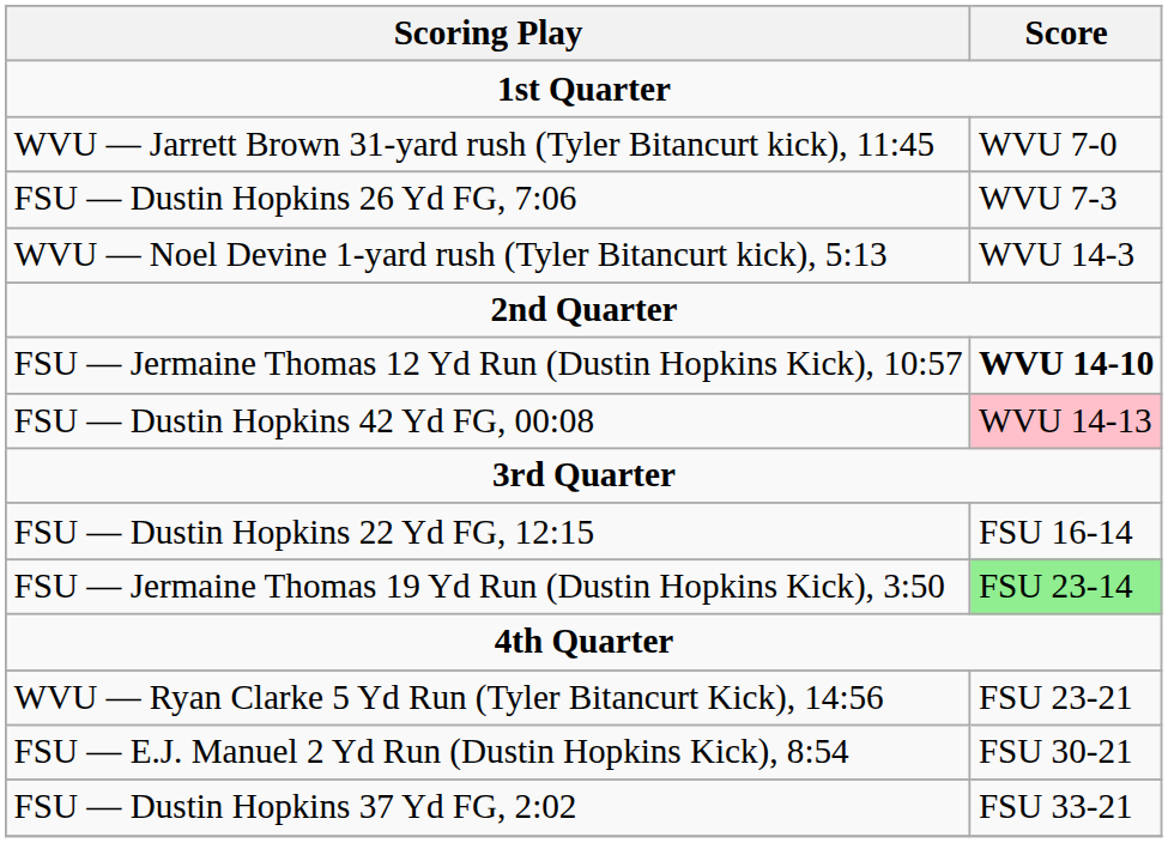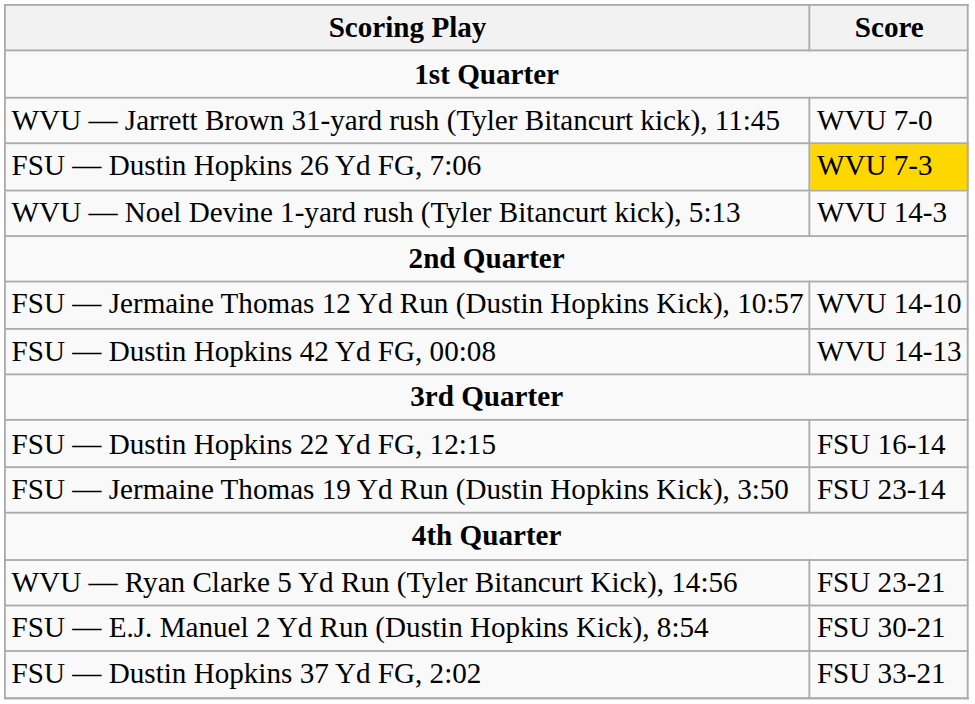 <table class="wikitable">
 <tr>
 <th>Scoring Play</th>
 <th>Score</th>
 </tr>
 <tr>
 <td colspan="4" align="center"><strong>1st Quarter</strong></td>
 </tr>
 <tr>
 <td>WVU — Jarrett Brown 31-yard rush (Tyler Bitancurt kick), 11:45</td>
 <td>WVU 7-0</td>
 </tr>
 <tr>
 <td>FSU — Dustin Hopkins 26 Yd FG, 7:06</td>
-<td>WVU 7-3</td>
+<td style="background: gold;">WVU 7-3</td>
 </tr>
 <tr>
 <td>WVU — Noel Devine 1-yard rush (Tyler Bitancurt kick), 5:13</td>
 <td>WVU 14-3</td>
 </tr>
 <tr>
 <td colspan="4" align="center"><strong>2nd Quarter</strong></td>
 </tr>
 <tr>
 <td>FSU — Jermaine Thomas 12 Yd Run (Dustin Hopkins Kick), 10:57</td>
-<td><strong>WVU 14-10</strong></td>
+<td>WVU 14-10</td>
 </tr>
 <tr>
 <td>FSU — Dustin Hopkins 42 Yd FG, 00:08</td>
-<td style="background: pink;">WVU 14-13</td>
+<td>WVU 14-13</td>
 </tr>
 <tr>
 <td colspan="4" align="center"><strong>3rd Quarter</strong></td>
 </tr>
 <tr>
 <td>FSU — Dustin Hopkins 22 Yd FG, 12:15</td>
 <td>FSU 16-14</td>
 </tr>
 <tr>
 <td>FSU — Jermaine Thomas 19 Yd Run (Dustin Hopkins Kick), 3:50</td>
-<td style="background: lightgreen;">FSU 23-14</td>
+<td>FSU 23-14</td>
 </tr>
 <tr>
 <td colspan="4" align="center"><strong>4th Quarter</strong></td>
 </tr>
 <tr>
 <td>WVU — Ryan Clarke 5 Yd Run (Tyler Bitancurt Kick), 14:56</td>
 <td>FSU 23-21</td>
 </tr>
 <tr>
 <td>FSU — E.J. Manuel 2 Yd Run (Dustin Hopkins Kick), 8:54</td>
 <td>FSU 30-21</td>
 </tr>
 <tr>
 <td>FSU — Dustin Hopkins 37 Yd FG, 2:02</td>
 <td>FSU 33-21</td>
 </tr>
 <tr>
 </tr>
 </table>
